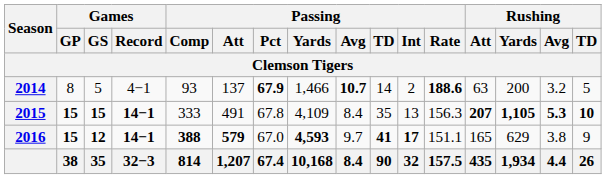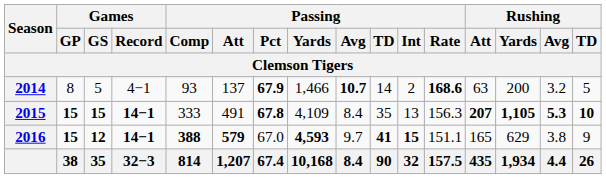 <table class="wikitable" style="text-align:center;">
 <tr>
 <th rowspan="2">Season</th>
 <th colspan="3">Games</th>
 <th colspan="8">Passing</th>
 <th colspan="5">Rushing</th>
 </tr>
 <tr>
 <th>GP</th>
 <th>GS</th>
 <th>Record</th>
 <th>Comp</th>
 <th>Att</th>
 <th>Pct</th>
 <th>Yards</th>
 <th>Avg</th>
 <th>TD</th>
 <th>Int</th>
 <th>Rate</th>
 <th>Att</th>
 <th>Yards</th>
 <th>Avg</th>
 <th>TD</th>
 </tr>
 <tr>
 <th colspan="16">Clemson Tigers</th>
 </tr>
 <tr>
 <th><a href='#'>2014</a></th>
 <td>8</td>
 <td>5</td>
 <td>4−1</td>
 <td>93</td>
 <td>137</td>
 <td><strong>67.9</strong></td>
 <td>1,466</td>
 <td><strong>10.7</strong></td>
 <td>14</td>
 <td>2</td>
-<td><strong>188.6</strong></td>
+<td><strong>168.6</strong></td>
 <td>63</td>
 <td>200</td>
 <td>3.2</td>
 <td>5</td>
 </tr>
 <tr>
 <th><a href='#'>2015</a></th>
 <td><strong>15</strong></td>
 <td><strong>15</strong></td>
 <td><strong>14−1</strong></td>
 <td>333</td>
 <td>491</td>
-<td>67.8</td>
+<td><strong>67.8</strong></td>
 <td>4,109</td>
 <td>8.4</td>
 <td>35</td>
 <td>13</td>
 <td>156.3</td>
 <td><strong>207</strong></td>
 <td><strong>1,105</strong></td>
 <td><strong>5.3</strong></td>
 <td><strong>10</strong></td>
 </tr>
 <tr>
 <th><a href='#'>2016</a></th>
 <td><strong>15</strong></td>
 <td><strong>12</strong></td>
 <td><strong>14−1</strong></td>
 <td><strong>388</strong></td>
 <td><strong>579</strong></td>
 <td>67.0</td>
 <td><strong>4,593</strong></td>
 <td>9.7</td>
 <td><strong>41</strong></td>
-<td><strong>17</strong></td>
+<td><strong>15</strong></td>
 <td>151.1</td>
 <td>165</td>
 <td>629</td>
 <td>3.8</td>
 <td>9</td>
 </tr>
 <tr>
 <th></th>
 <th>38</th>
 <th>35</th>
 <th>32−3</th>
 <th>814</th>
 <th>1,207</th>
 <th>67.4</th>
 <th>10,168</th>
 <th>8.4</th>
 <th>90</th>
 <th>32</th>
 <th>157.5</th>
 <th>435</th>
 <th>1,934</th>
 <th>4.4</th>
 <th>26</th>
 </tr>
 </table>
